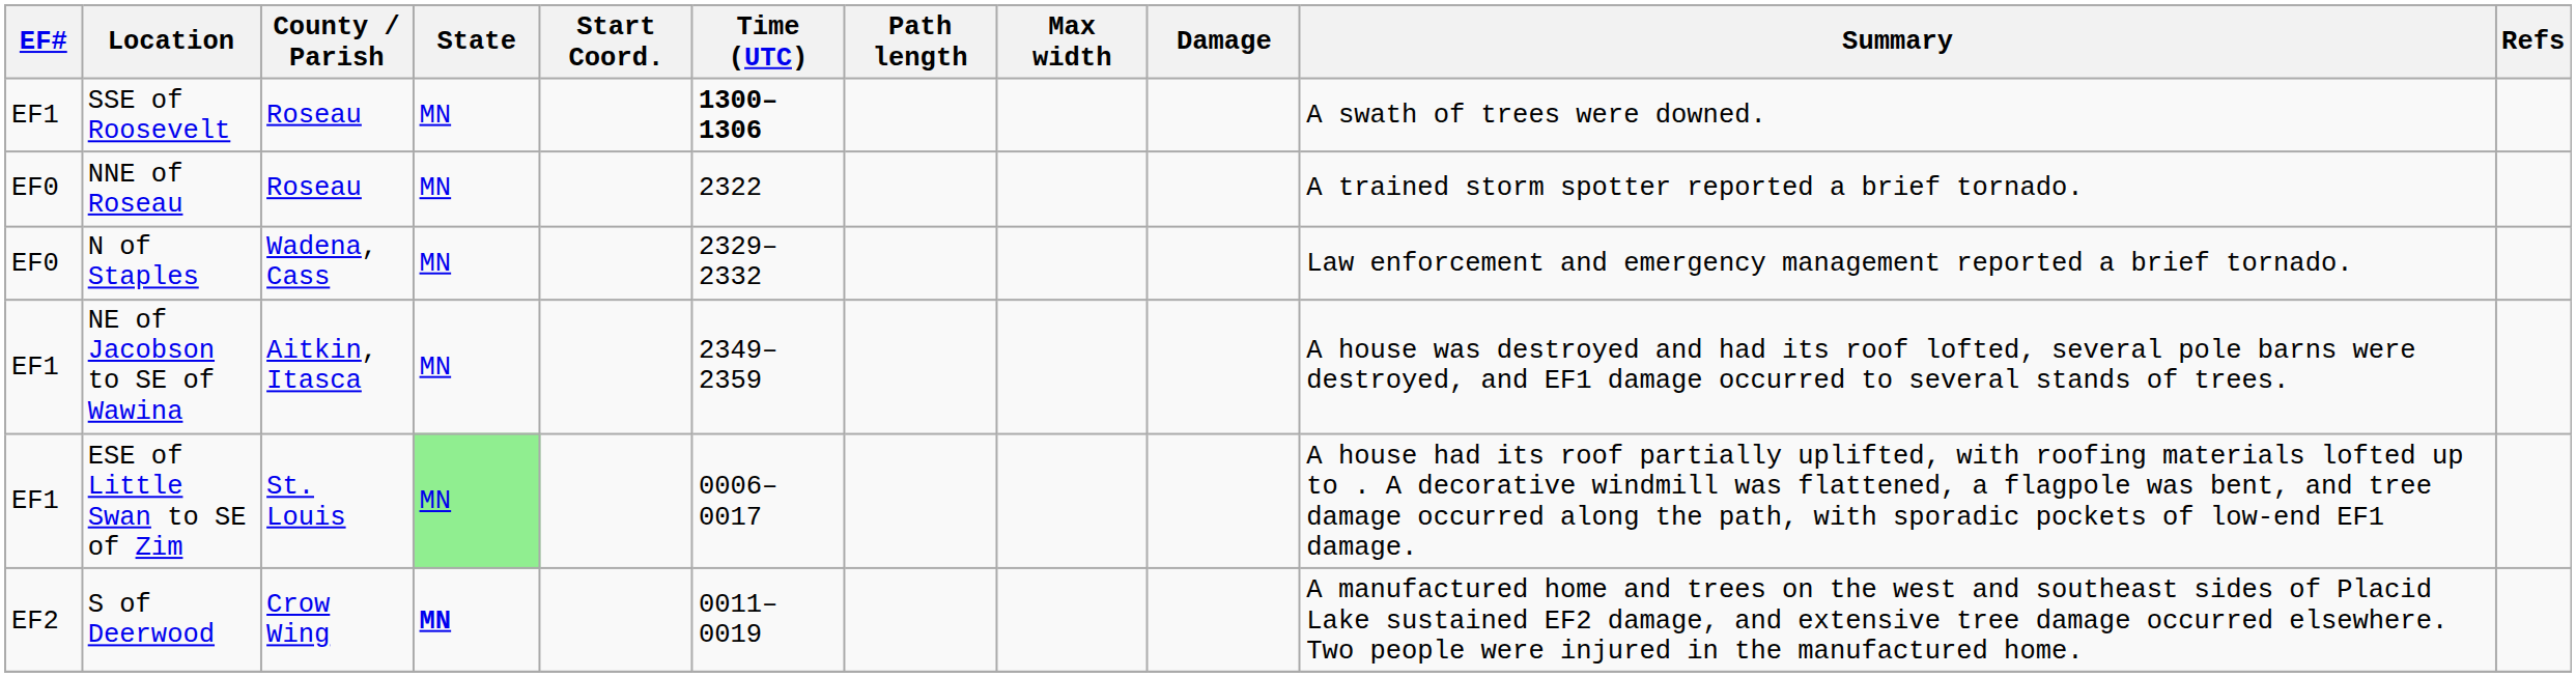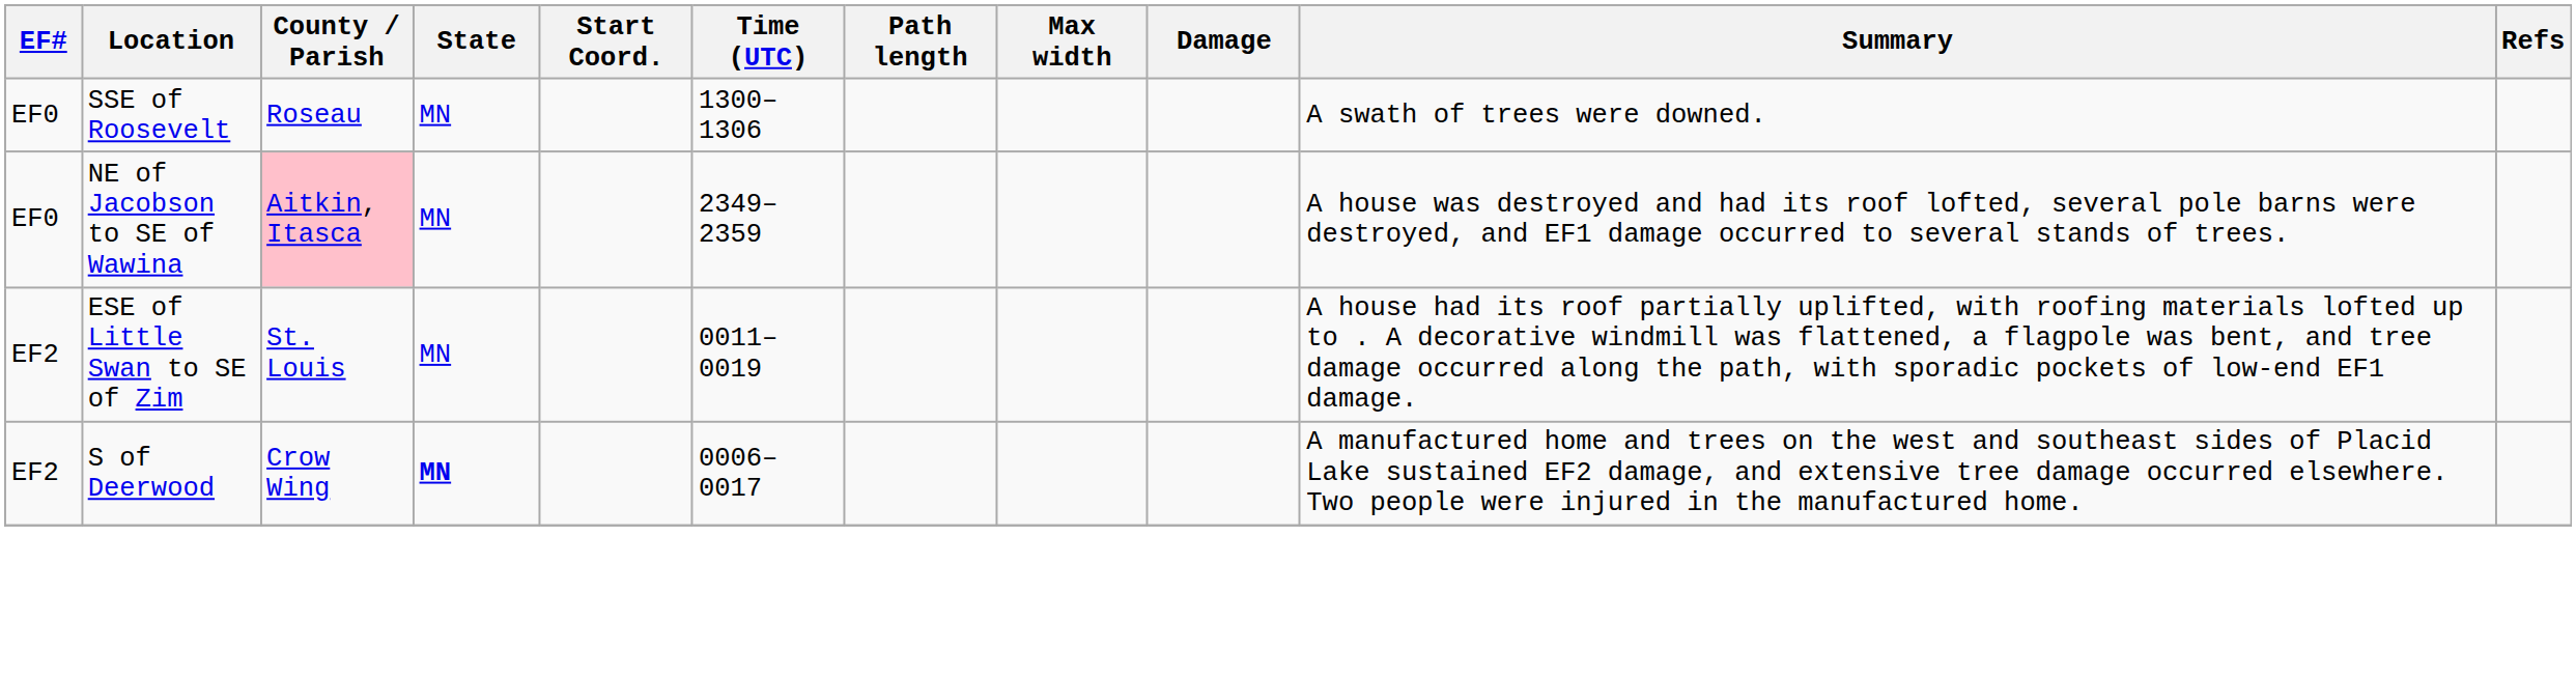 <table class="wikitable sortable" style="width:100%;">
 <tr>
 <th scope="col" width="3%" align="center"><a href='#'>EF#</a></th>
 <th scope="col" width="7%" align="center" class="unsortable">Location</th>
 <th scope="col" width="6%" align="center" class="unsortable">County / Parish</th>
 <th scope="col" width="5%" align="center">State</th>
 <th scope="col" width="6%" align="center">Start Coord.</th>
 <th scope="col" width="6%" align="center">Time (<a href='#'>UTC</a>)</th>
 <th scope="col" width="6%" align="center">Path length</th>
 <th scope="col" width="6%" align="center">Max width</th>
 <th scope="col" width="6%" align="center">Damage</th>
 <th scope="col" width="48%" class="unsortable" align="center">Summary</th>
 <th scope="col" width="48%" class="unsortable" align="center">Refs</th>
 </tr>
 <tr>
-<td>EF1</td>
+<td>EF0</td>
 <td>SSE of <a href='#'>Roosevelt</a></td>
 <td><a href='#'>Roseau</a></td>
 <td><a href='#'>MN</a></td>
 <td></td>
-<td><strong>1300–1306</strong></td>
+<td>1300–1306</td>
 <td></td>
 <td></td>
 <td></td>
 <td>A swath of trees were downed.</td>
 <td></td>
 </tr>
 <tr>
 <td>EF0</td>
-<td>NNE of <a href='#'>Roseau</a></td>
-<td><a href='#'>Roseau</a></td>
-<td><a href='#'>MN</a></td>
-<td></td>
-<td>2322</td>
-<td></td>
-<td></td>
-<td></td>
-<td>A trained storm spotter reported a brief tornado.</td>
-<td></td>
-</tr>
-<tr>
-<td>EF0</td>
-<td>N of <a href='#'>Staples</a></td>
-<td><a href='#'>Wadena</a>, <a href='#'>Cass</a></td>
-<td><a href='#'>MN</a></td>
-<td></td>
-<td>2329–2332</td>
-<td></td>
-<td></td>
-<td></td>
-<td>Law enforcement and emergency management reported a brief tornado.</td>
-<td></td>
-</tr>
-<tr>
-<td>EF1</td>
 <td>NE of <a href='#'>Jacobson</a> to SE of <a href='#'>Wawina</a></td>
-<td><a href='#'>Aitkin</a>, <a href='#'>Itasca</a></td>
+<td style="background: pink;"><a href='#'>Aitkin</a>, <a href='#'>Itasca</a></td>
 <td><a href='#'>MN</a></td>
 <td></td>
 <td>2349–2359</td>
 <td></td>
 <td></td>
 <td></td>
 <td>A house was destroyed and had its roof lofted, several pole barns were destroyed, and EF1 damage occurred to several stands of trees.</td>
 <td></td>
 </tr>
 <tr>
-<td>EF1</td>
+<td>EF2</td>
 <td>ESE of <a href='#'>Little Swan</a> to SE of <a href='#'>Zim</a></td>
 <td><a href='#'>St. Louis</a></td>
-<td style="background: lightgreen;"><a href='#'>MN</a></td>
+<td><a href='#'>MN</a></td>
 <td></td>
-<td>0006–0017</td>
+<td>0011–0019</td>
 <td></td>
 <td></td>
 <td></td>
 <td>A house had its roof partially uplifted, with roofing materials lofted up to . A decorative windmill was flattened, a flagpole was bent, and tree damage occurred along the path, with sporadic pockets of low-end EF1 damage.</td>
 <td></td>
 </tr>
 <tr>
 <td>EF2</td>
 <td>S of <a href='#'>Deerwood</a></td>
 <td><a href='#'>Crow Wing</a></td>
 <td><strong><a href='#'>MN</a></strong></td>
 <td></td>
-<td>0011–0019</td>
+<td>0006–0017</td>
 <td></td>
 <td></td>
 <td></td>
 <td>A manufactured home and trees on the west and southeast sides of Placid Lake sustained EF2 damage, and extensive tree damage occurred elsewhere. Two people were injured in the manufactured home.</td>
 <td></td>
 </tr>
 <tr>
 </tr>
 </table>
